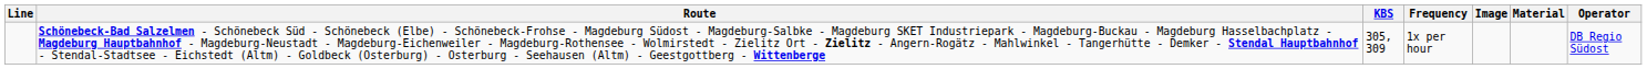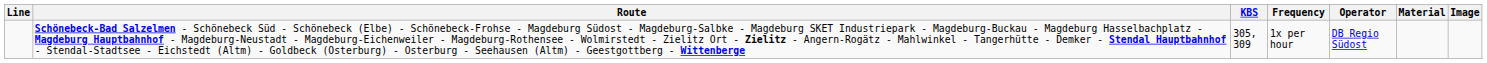 <table class="wikitable sortable" style>
 <tr>
 <th>Line</th>
 <th>Route</th>
 <th><a href='#'>KBS</a></th>
 <th>Frequency</th>
+<th>Operator</th>
+<th>Material</th>
 <th>Image</th>
-<th>Material</th>
-<th>Operator</th>
 </tr>
 <tr>
 <td align="center"></td>
 <td><strong><a href='#'>Schönebeck-Bad Salzelmen</a></strong> - Schönebeck Süd - Schönebeck (Elbe) - Schönebeck-Frohse - Magdeburg Südost - Magdeburg-Salbke - Magdeburg SKET Industriepark - Magdeburg-Buckau - Magdeburg Hasselbachplatz - <strong><a href='#'>Magdeburg Hauptbahnhof</a></strong> - Magdeburg-Neustadt - Magdeburg-Eichenweiler - Magdeburg-Rothensee - Wolmirstedt - Zielitz Ort - <strong>Zielitz</strong> - Angern-Rogätz - Mahlwinkel - Tangerhütte - Demker - <strong><a href='#'>Stendal Hauptbahnhof</a></strong> - Stendal-Stadtsee - Eichstedt (Altm) - Goldbeck (Osterburg) - Osterburg - Seehausen (Altm) - Geestgottberg - <strong><a href='#'>Wittenberge</a></strong></td>
 <td>305, 309</td>
 <td>1x per hour</td>
+<td><a href='#'>DB Regio Südost</a></td>
 <td></td>
 <td></td>
-<td><a href='#'>DB Regio Südost</a></td>
 </tr>
 </table>
